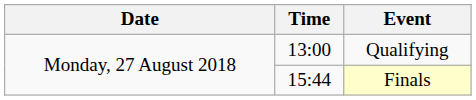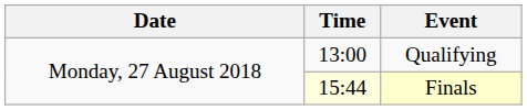 <table class = "wikitable" style="text-align:center;">
 <tr>
 <th width=220>Date</th>
 <th width=50>Time</th>
 <th width=100>Event</th>
 </tr>
 <tr>
 <td rowspan=2>Monday, 27 August 2018</td>
 <td>13:00</td>
 <td>Qualifying</td>
 </tr>
 <tr>
-<td>15:44</td>
+<td style="background: lightyellow;">15:44</td>
 <td bgcolor="ffffcc">Finals</td>
 </tr>
 </table>
